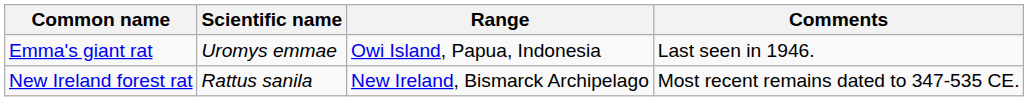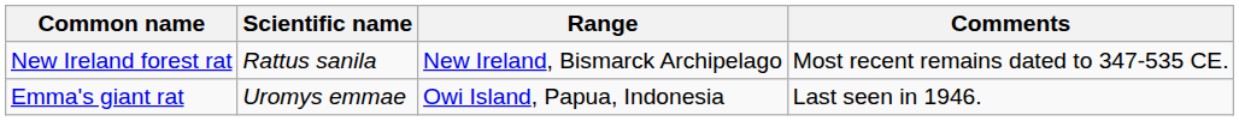 <table class="wikitable">
 <tr>
 <th>Common name</th>
 <th>Scientific name</th>
 <th>Range</th>
 <th class="unsortable">Comments</th>
 </tr>
 <tr>
+<td><a href='#'>New Ireland forest rat</a></td>
+<td><em>Rattus sanila</em></td>
+<td><a href='#'>New Ireland</a>, Bismarck Archipelago</td>
+<td>Most recent remains dated to 347-535 CE.</td>
+</tr>
+<tr>
 <td><a href='#'>Emma's giant rat</a></td>
 <td><em>Uromys emmae</em></td>
 <td><a href='#'>Owi Island</a>, Papua, Indonesia</td>
 <td>Last seen in 1946.</td>
 </tr>
-<tr>
-<td><a href='#'>New Ireland forest rat</a></td>
-<td><em>Rattus sanila</em></td>
-<td><a href='#'>New Ireland</a>, Bismarck Archipelago</td>
-<td>Most recent remains dated to 347-535 CE.</td>
-</tr>
 </table>
